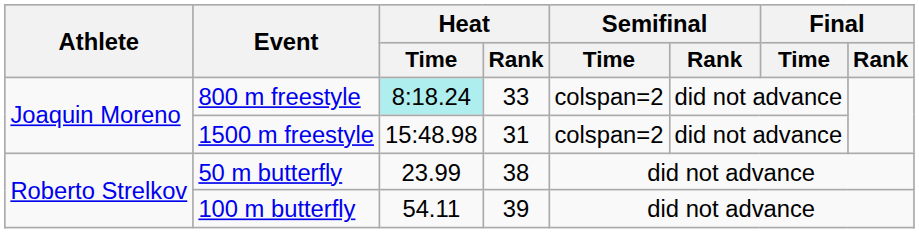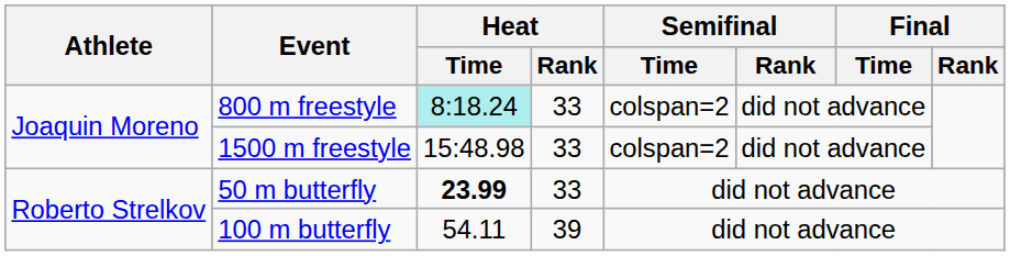 <table class="wikitable" style="text-align:center; font-size:90%">
 <tr>
 <th rowspan="2">Athlete</th>
 <th rowspan="2">Event</th>
 <th colspan="2">Heat</th>
 <th colspan="2">Semifinal</th>
 <th colspan="2">Final</th>
 </tr>
 <tr style="font-size:95%">
 <th>Time</th>
 <th>Rank</th>
 <th>Time</th>
 <th>Rank</th>
 <th>Time</th>
 <th>Rank</th>
 </tr>
 <tr>
 <td align=left rowspan=2><a href='#'>Joaquin Moreno</a></td>
 <td align=left><a href='#'>800 m freestyle</a></td>
 <td style="background: paleturquoise;">8:18.24</td>
 <td>33</td>
 <td>colspan=2</td>
 <td colspan=2>did not advance</td>
 </tr>
 <tr>
 <td align=left><a href='#'>1500 m freestyle</a></td>
 <td>15:48.98</td>
-<td>31</td>
+<td>33</td>
 <td>colspan=2</td>
 <td colspan=2>did not advance</td>
 </tr>
 <tr>
 <td align=left rowspan=2><a href='#'>Roberto Strelkov</a></td>
 <td align=left><a href='#'>50 m butterfly</a></td>
-<td>23.99</td>
-<td>38</td>
+<td><strong>23.99</strong></td>
+<td>33</td>
 <td colspan=4>did not advance</td>
 </tr>
 <tr>
 <td align=left><a href='#'>100 m butterfly</a></td>
 <td>54.11</td>
 <td>39</td>
 <td colspan=4>did not advance</td>
 </tr>
 </table>
